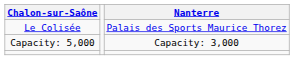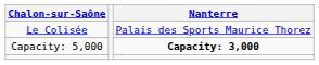 <table class="wikitable" style="margin:1em auto; text-align:center;">
 <tr>
 <th><a href='#'>Chalon-sur-Saône</a></th>
 <td rowspan=4></td>
 <th><a href='#'>Nanterre</a></th>
 </tr>
 <tr>
 <td><a href='#'>Le Colisée</a></td>
 <td><a href='#'>Palais des Sports Maurice Thorez</a></td>
 </tr>
 <tr>
 <td>Capacity: 5,000</td>
-<td>Capacity: 3,000</td>
+<td><strong>Capacity: 3,000</strong></td>
 </tr>
 <tr>
 <td></td>
 <td></td>
 </tr>
 </table>
